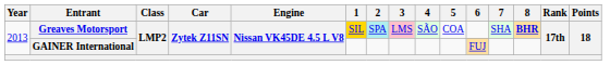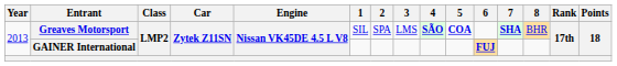 <table class="wikitable" style="text-align:center; font-size:85%">
 <tr>
 <th>Year</th>
 <th>Entrant</th>
 <th>Class</th>
 <th>Car</th>
 <th>Engine</th>
 <th>1</th>
 <th>2</th>
 <th>3</th>
 <th>4</th>
 <th>5</th>
 <th>6</th>
 <th>7</th>
 <th>8</th>
 <th>Rank</th>
 <th>Points</th>
 </tr>
 <tr>
 <td rowspan=2><a href='#'>2013</a></td>
 <th nowrap><a href='#'>Greaves Motorsport</a></th>
 <th rowspan=2>LMP2</th>
 <th rowspan=2 nowrap><a href='#'>Zytek Z11SN</a></th>
 <th rowspan=2 nowrap><a href='#'>Nissan VK45DE 4.5 L V8</a></th>
-<td style="background: gold;"><a href='#'>SIL</a></td>
-<td style="background: paleturquoise;"><a href='#'>SPA</a></td>
-<td style="background: pink;"><a href='#'>LMS</a></td>
-<td style="background:#DFFFDF;"><a href='#'>SÃO</a><br></td>
-<td><a href='#'>COA</a></td>
+<td><a href='#'>SIL</a></td>
+<td><a href='#'>SPA</a></td>
+<td><a href='#'>LMS</a></td>
+<td style="background:#DFFFDF;"><strong><a href='#'>SÃO</a><br></strong></td>
+<td><strong><a href='#'>COA</a></strong></td>
 <td></td>
-<td style="background:#DFFFDF;"><a href='#'>SHA</a><br></td>
-<td style="background:#FFDF9F;"><strong><a href='#'>BHR</a><br></strong></td>
+<td style="background:#DFFFDF;"><strong><a href='#'>SHA</a><br></strong></td>
+<td style="background:#FFDF9F;"><a href='#'>BHR</a><br></td>
 <th rowspan=2>17th</th>
 <th rowspan=2>18</th>
 </tr>
 <tr>
 <th>GAINER International</th>
 <td></td>
 <td></td>
 <td></td>
 <td></td>
 <td></td>
-<td style="background:#FFDF9F;"><a href='#'>FUJ</a><br></td>
+<td style="background:#FFDF9F;"><strong><a href='#'>FUJ</a><br></strong></td>
 <td></td>
 <td></td>
 </tr>
 <tr>
 <th colspan="15"></th>
 </tr>
 </table>
